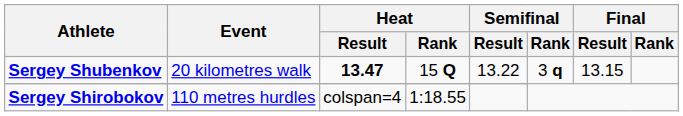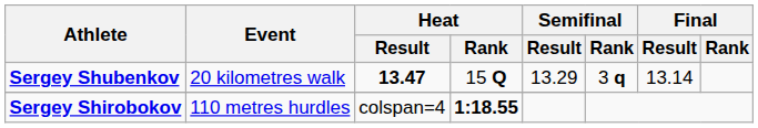 <table class="wikitable" style="font-size:90%">
 <tr>
 <th rowspan="2">Athlete</th>
 <th rowspan="2">Event</th>
 <th colspan="2">Heat</th>
 <th colspan="2">Semifinal</th>
 <th colspan="2">Final</th>
 </tr>
 <tr style="font-size:95%">
 <th>Result</th>
 <th>Rank</th>
 <th>Result</th>
 <th>Rank</th>
 <th>Result</th>
 <th>Rank</th>
 </tr>
 <tr style=text-align:center>
 <td style=text-align:left><strong><a href='#'>Sergey Shubenkov</a></strong></td>
 <td style=text-align:left><a href='#'>20 kilometres walk</a></td>
 <td><strong>13.47</strong></td>
 <td>15 <strong>Q</strong></td>
-<td>13.22</td>
+<td>13.29</td>
 <td>3 <strong>q</strong></td>
-<td>13.15</td>
+<td>13.14</td>
 <td></td>
 </tr>
 <tr>
 </tr>
 <tr style=text-align:center>
 <td style=text-align:left><strong><a href='#'>Sergey Shirobokov</a></strong></td>
 <td style=text-align:left><a href='#'>110 metres hurdles</a></td>
 <td>colspan=4 </td>
-<td>1:18.55</td>
+<td><strong>1:18.55</strong></td>
 <td></td>
 </tr>
 </table>
